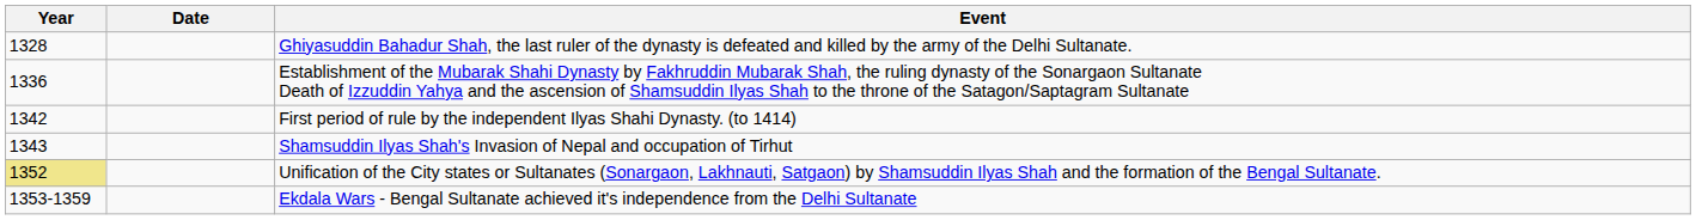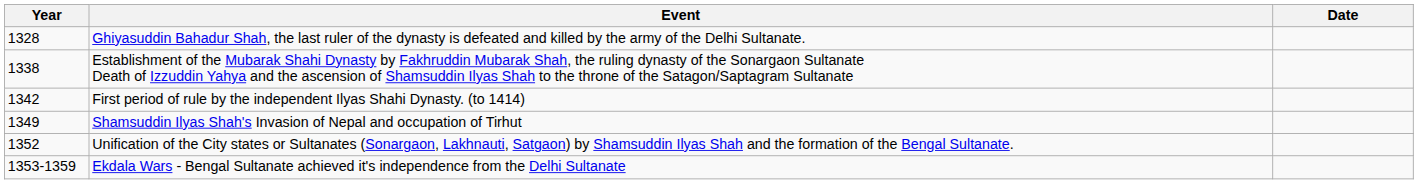 <table class="wikitable" width="100%">
 <tr>
 <th style="width:6%">Year</th>
+<th>Event</th>
 <th style="width:10%">Date</th>
-<th>Event</th>
 </tr>
 <tr>
 <td>1328</td>
+<td><a href='#'>Ghiyasuddin Bahadur Shah</a>, the last ruler of the dynasty is defeated and killed by the army of the Delhi Sultanate.</td>
 <td></td>
-<td><a href='#'>Ghiyasuddin Bahadur Shah</a>, the last ruler of the dynasty is defeated and killed by the army of the Delhi Sultanate.</td>
 </tr>
 <tr>
-<td>1336</td>
+<td>1338</td>
+<td>Establishment of the <a href='#'>Mubarak Shahi Dynasty</a> by <a href='#'>Fakhruddin Mubarak Shah</a>, the ruling dynasty of the Sonargaon Sultanate<br>Death of <a href='#'>Izzuddin Yahya</a> and the ascension of <a href='#'>Shamsuddin Ilyas Shah</a> to the throne of the Satagon/Saptagram Sultanate</td>
 <td></td>
-<td>Establishment of the <a href='#'>Mubarak Shahi Dynasty</a> by <a href='#'>Fakhruddin Mubarak Shah</a>, the ruling dynasty of the Sonargaon Sultanate<br>Death of <a href='#'>Izzuddin Yahya</a> and the ascension of <a href='#'>Shamsuddin Ilyas Shah</a> to the throne of the Satagon/Saptagram Sultanate</td>
 </tr>
 <tr>
 <td>1342</td>
+<td>First period of rule by the independent Ilyas Shahi Dynasty. (to 1414)</td>
 <td></td>
-<td>First period of rule by the independent Ilyas Shahi Dynasty. (to 1414)</td>
 </tr>
 <tr>
-<td>1343</td>
+<td>1349</td>
+<td><a href='#'>Shamsuddin Ilyas Shah's</a> Invasion of Nepal and occupation of Tirhut</td>
 <td></td>
-<td><a href='#'>Shamsuddin Ilyas Shah's</a> Invasion of Nepal and occupation of Tirhut</td>
 </tr>
 <tr>
-<td style="background: khaki;">1352</td>
+<td>1352</td>
+<td>Unification of the City states or Sultanates (<a href='#'>Sonargaon</a>, <a href='#'>Lakhnauti</a>, <a href='#'>Satgaon</a>) by <a href='#'>Shamsuddin Ilyas Shah</a> and the formation of the <a href='#'>Bengal Sultanate</a>.</td>
 <td></td>
-<td>Unification of the City states or Sultanates (<a href='#'>Sonargaon</a>, <a href='#'>Lakhnauti</a>, <a href='#'>Satgaon</a>) by <a href='#'>Shamsuddin Ilyas Shah</a> and the formation of the <a href='#'>Bengal Sultanate</a>.</td>
 </tr>
 <tr>
 <td>1353-1359</td>
+<td><a href='#'>Ekdala Wars</a> - Bengal Sultanate achieved it's independence from the <a href='#'>Delhi Sultanate</a></td>
 <td></td>
-<td><a href='#'>Ekdala Wars</a> - Bengal Sultanate achieved it's independence from the <a href='#'>Delhi Sultanate</a></td>
 </tr>
 </table>
